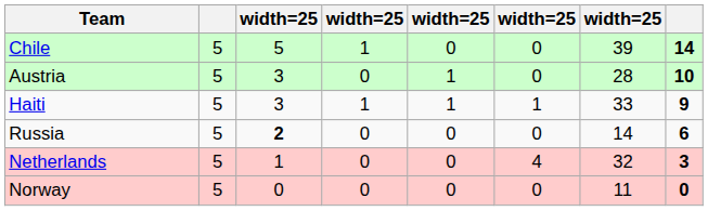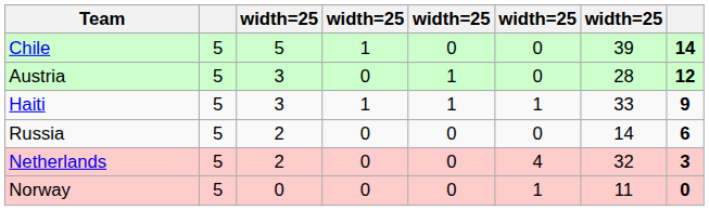 <table class="wikitable sortable" style="text-align: center; ">
 <tr>
 <th width=165>Team</th>
 <th width=25></th>
 <th>width=25</th>
 <th>width=25</th>
 <th>width=25</th>
 <th>width=25</th>
 <th>width=25</th>
 <th width=25></th>
 </tr>
 <tr style="background:#ccffcc;">
 <td style="text-align:left;"> <a href='#'>Chile</a></td>
 <td>5</td>
 <td>5</td>
 <td>1</td>
 <td>0</td>
 <td>0</td>
 <td>39</td>
 <td><strong>14</strong></td>
 </tr>
 <tr style="background:#ccffcc;">
 <td style="text-align:left;"> Austria</td>
 <td>5</td>
 <td>3</td>
 <td>0</td>
 <td>1</td>
 <td>0</td>
 <td>28</td>
-<td><strong>10</strong></td>
+<td><strong>12</strong></td>
 </tr>
 <tr>
 <td style="text-align:left;"> <a href='#'>Haiti</a></td>
 <td>5</td>
 <td>3</td>
 <td>1</td>
 <td>1</td>
 <td>1</td>
 <td>33</td>
 <td><strong>9</strong></td>
 </tr>
 <tr>
 <td style="text-align:left;"> Russia</td>
 <td>5</td>
-<td><strong>2</strong></td>
+<td>2</td>
 <td>0</td>
 <td>0</td>
 <td>0</td>
 <td>14</td>
 <td><strong>6</strong></td>
 </tr>
 <tr style="background:#FFCCCC;">
 <td style="text-align:left;"> <a href='#'>Netherlands</a></td>
 <td>5</td>
-<td>1</td>
+<td>2</td>
 <td>0</td>
 <td>0</td>
 <td>4</td>
 <td>32</td>
 <td><strong>3</strong></td>
 </tr>
 <tr style="background:#FFCCCC;">
 <td style="text-align:left;"> Norway</td>
 <td>5</td>
 <td>0</td>
 <td>0</td>
 <td>0</td>
-<td>0</td>
+<td>1</td>
 <td>11</td>
 <td><strong>0</strong></td>
 </tr>
 </table>
